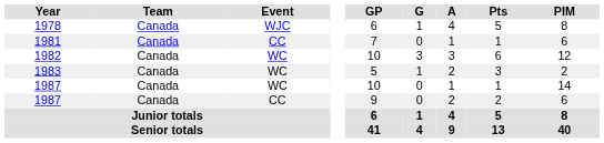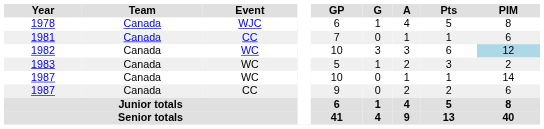 <table border="0" cellpadding="1" cellspacing="0" style="text-align:center; width:50em">
 <tr ALIGN="center" bgcolor="#e0e0e0">
 <th>Year</th>
 <th>Team</th>
 <th>Event</th>
 <th rowspan="99" bgcolor="#ffffff"> </th>
 <th>GP</th>
 <th>G</th>
 <th>A</th>
 <th>Pts</th>
 <th>PIM</th>
 </tr>
 <tr>
 <td><a href='#'>1978</a></td>
 <td><a href='#'>Canada</a></td>
 <td><a href='#'>WJC</a></td>
 <td>6</td>
 <td>1</td>
 <td>4</td>
 <td>5</td>
 <td>8</td>
 </tr>
 <tr bgcolor="#f0f0f0">
 <td><a href='#'>1981</a></td>
 <td><a href='#'>Canada</a></td>
 <td><a href='#'>CC</a></td>
 <td>7</td>
 <td>0</td>
 <td>1</td>
 <td>1</td>
 <td>6</td>
 </tr>
 <tr>
 <td><a href='#'>1982</a></td>
 <td>Canada</td>
 <td><a href='#'>WC</a></td>
 <td>10</td>
 <td>3</td>
 <td>3</td>
 <td>6</td>
-<td>12</td>
+<td style="background: lightblue;">12</td>
 </tr>
 <tr bgcolor="#f0f0f0">
 <td><a href='#'>1983</a></td>
 <td>Canada</td>
 <td>WC</td>
 <td>5</td>
 <td>1</td>
 <td>2</td>
 <td>3</td>
 <td>2</td>
 </tr>
 <tr>
 <td><a href='#'>1987</a></td>
 <td>Canada</td>
 <td>WC</td>
 <td>10</td>
 <td>0</td>
 <td>1</td>
 <td>1</td>
 <td>14</td>
 </tr>
 <tr bgcolor="#f0f0f0">
 <td><a href='#'>1987</a></td>
 <td>Canada</td>
 <td>CC</td>
 <td>9</td>
 <td>0</td>
 <td>2</td>
 <td>2</td>
 <td>6</td>
 </tr>
 <tr style="background:#e0e0e0;">
 <th colspan="3">Junior totals</th>
 <th>6</th>
 <th>1</th>
 <th>4</th>
 <th>5</th>
 <th>8</th>
 </tr>
 <tr style="background:#e0e0e0;">
 <th colspan="3">Senior totals</th>
 <th>41</th>
 <th>4</th>
 <th>9</th>
 <th>13</th>
 <th>40</th>
 </tr>
 </table>
